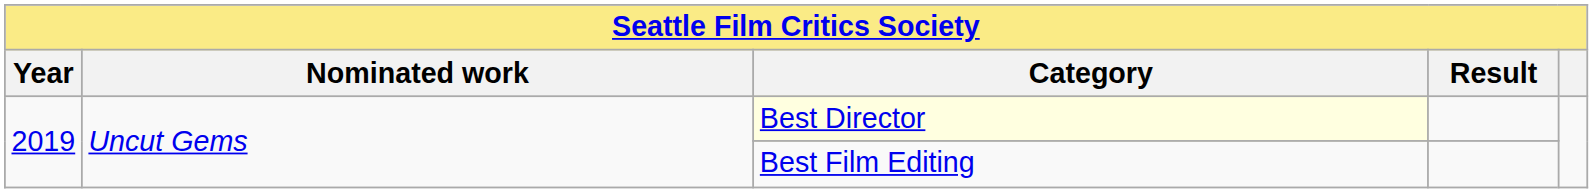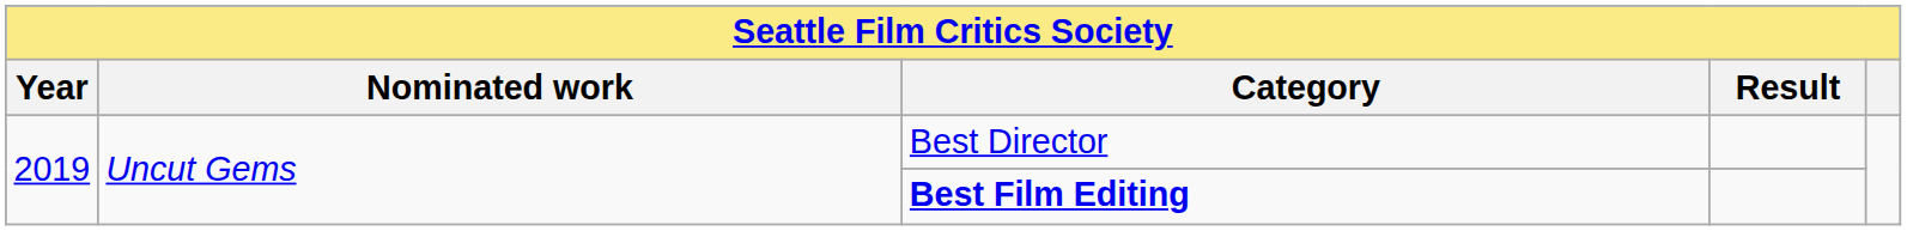 <table width="70%" class="wikitable sortable">
 <tr>
 <th colspan="5" style="background:#FAEB86;" align="center"><a href='#'>Seattle Film Critics Society</a></th>
 </tr>
 <tr>
 <th scope="col" style="width:1em;">Year</th>
 <th scope="col" style="width:39em;">Nominated work</th>
 <th scope="col" style="width:40em;">Category</th>
 <th scope="col" style="width:5em;">Result</th>
 <th scope="col" style="width:1em;" class="unsortable"></th>
 </tr>
 <tr>
 <td rowspan="2"><a href='#'>2019</a></td>
 <td rowspan="2"><em><a href='#'>Uncut Gems</a></em></td>
-<td style="background: lightyellow;"><a href='#'>Best Director</a></td>
+<td><a href='#'>Best Director</a></td>
 <td></td>
 <td rowspan="2"></td>
 </tr>
 <tr>
-<td><a href='#'>Best Film Editing</a></td>
+<td><strong><a href='#'>Best Film Editing</a></strong></td>
 <td></td>
 </tr>
 </table>
